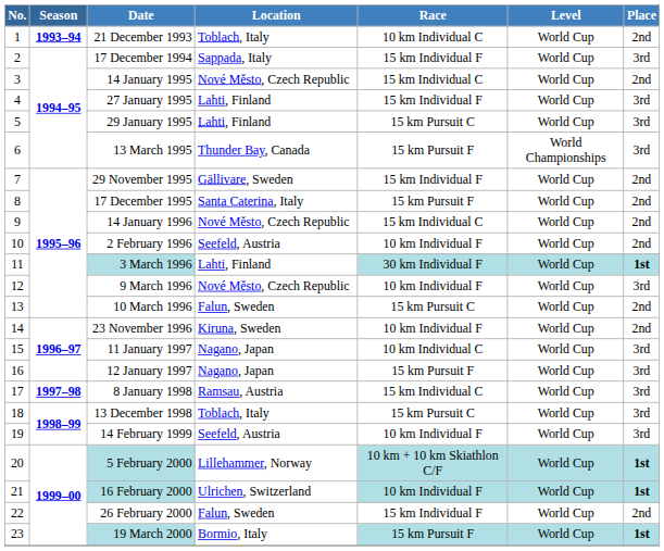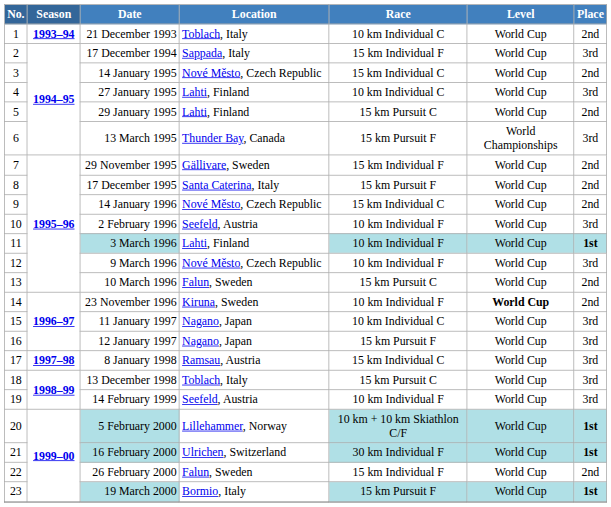 <table class="wikitable sortable" style="font-size:95%; text-align:center; border:grey solid 1px; border-collapse:collapse; background:#ffffff;">
 <tr style="background:#efefef;">
 <th style="background-color:#369; color:white;">No.</th>
 <th style="background-color:#369; color:white;">Season</th>
 <th style="background-color:#4180be; color:white; width:120px;">Date</th>
 <th style="background-color:#4180be; color:white; width:185px;">Location</th>
 <th style="background-color:#4180be; color:white; width:170px;">Race</th>
 <th style="background-color:#4180be; color:white; width:130px;">Level</th>
 <th style="background-color:#4180be; color:white;">Place</th>
 </tr>
 <tr>
 <td align=center>1</td>
 <td rowspan=1 align=center><strong> <a href='#'>1993–94</a> </strong></td>
 <td align=right>21 December 1993</td>
 <td align=left> <a href='#'>Toblach</a>, Italy</td>
 <td>10 km Individual C</td>
 <td>World Cup</td>
 <td>2nd</td>
 </tr>
 <tr>
 <td align=center>2</td>
 <td rowspan=5 align=center><strong> <a href='#'>1994–95</a> </strong></td>
 <td align=right>17 December 1994</td>
 <td align=left> <a href='#'>Sappada</a>, Italy</td>
 <td>15 km Individual F</td>
 <td>World Cup</td>
 <td>3rd</td>
 </tr>
 <tr>
 <td align=center>3</td>
 <td align=right>14 January 1995</td>
 <td align=left> <a href='#'>Nové Město</a>, Czech Republic</td>
 <td>15 km Individual C</td>
 <td>World Cup</td>
 <td>2nd</td>
 </tr>
 <tr>
 <td align=center>4</td>
 <td align=right>27 January 1995</td>
 <td align=left> <a href='#'>Lahti</a>, Finland</td>
-<td>15 km Individual F</td>
+<td>10 km Individual C</td>
 <td>World Cup</td>
 <td>3rd</td>
 </tr>
 <tr>
 <td align=center>5</td>
 <td align=right>29 January 1995</td>
 <td align=left> <a href='#'>Lahti</a>, Finland</td>
 <td>15 km Pursuit C</td>
 <td>World Cup</td>
-<td>3rd</td>
+<td>2nd</td>
 </tr>
 <tr>
 <td align=center>6</td>
 <td align=right>13 March 1995</td>
 <td align=left> <a href='#'>Thunder Bay</a>, Canada</td>
 <td>15 km Pursuit F</td>
 <td>World Championships</td>
 <td>3rd</td>
 </tr>
 <tr>
 <td align=center>7</td>
 <td rowspan=7 align=center><strong> <a href='#'>1995–96</a> </strong></td>
 <td align=right>29 November 1995</td>
 <td align=left> <a href='#'>Gällivare</a>, Sweden</td>
 <td>15 km Individual F</td>
 <td>World Cup</td>
 <td>2nd</td>
 </tr>
 <tr>
 <td align=center>8</td>
 <td align=right>17 December 1995</td>
 <td align=left> <a href='#'>Santa Caterina</a>, Italy</td>
 <td>15 km Pursuit F</td>
 <td>World Cup</td>
 <td>2nd</td>
 </tr>
 <tr>
 <td align=center>9</td>
 <td align=right>14 January 1996</td>
 <td align=left> <a href='#'>Nové Město</a>, Czech Republic</td>
 <td>15 km Individual C</td>
 <td>World Cup</td>
 <td>2nd</td>
 </tr>
 <tr>
 <td align=center>10</td>
 <td align=right>2 February 1996</td>
 <td align=left> <a href='#'>Seefeld</a>, Austria</td>
 <td>10 km Individual F</td>
 <td>World Cup</td>
-<td>2nd</td>
+<td>3rd</td>
 </tr>
 <tr>
 <td align=center>11</td>
 <td bgcolor="#BOEOE6" align=right>3 March 1996</td>
 <td align=left> <a href='#'>Lahti</a>, Finland</td>
-<td bgcolor="#BOEOE6">30 km Individual F</td>
+<td bgcolor="#BOEOE6">10 km Individual F</td>
 <td bgcolor="#BOEOE6">World Cup</td>
 <td bgcolor="#BOEOE6"><strong>1st</strong></td>
 </tr>
 <tr>
 <td align=center>12</td>
 <td align=right>9 March 1996</td>
 <td align=left> <a href='#'>Nové Město</a>, Czech Republic</td>
 <td>10 km Individual F</td>
 <td>World Cup</td>
 <td>3rd</td>
 </tr>
 <tr>
 <td align=center>13</td>
 <td align=right>10 March 1996</td>
 <td align=left> <a href='#'>Falun</a>, Sweden</td>
 <td>15 km Pursuit C</td>
 <td>World Cup</td>
 <td>2nd</td>
 </tr>
 <tr>
 <td align=center>14</td>
 <td rowspan=3 align=center><strong> <a href='#'>1996–97</a> </strong></td>
 <td align=right>23 November 1996</td>
 <td align=left> <a href='#'>Kiruna</a>, Sweden</td>
 <td>10 km Individual F</td>
-<td>World Cup</td>
+<td><strong>World Cup</strong></td>
 <td>2nd</td>
 </tr>
 <tr>
 <td align=center>15</td>
 <td align=right>11 January 1997</td>
 <td align=left> <a href='#'>Nagano</a>, Japan</td>
 <td>10 km Individual C</td>
 <td>World Cup</td>
 <td>3rd</td>
 </tr>
 <tr>
 <td align=center>16</td>
 <td align=right>12 January 1997</td>
 <td align=left> <a href='#'>Nagano</a>, Japan</td>
 <td>15 km Pursuit F</td>
 <td>World Cup</td>
 <td>3rd</td>
 </tr>
 <tr>
 <td align=center>17</td>
 <td rowspan=1 align=center><strong> <a href='#'>1997–98</a> </strong></td>
 <td align=right>8 January 1998</td>
 <td align=left> <a href='#'>Ramsau</a>, Austria</td>
 <td>15 km Individual C</td>
 <td>World Cup</td>
 <td>3rd</td>
 </tr>
 <tr>
 <td align=center>18</td>
 <td rowspan=2 align=center><strong> <a href='#'>1998–99</a> </strong></td>
 <td align=right>13 December 1998</td>
 <td align=left> <a href='#'>Toblach</a>, Italy</td>
 <td>15 km Pursuit C</td>
 <td>World Cup</td>
 <td>3rd</td>
 </tr>
 <tr>
 <td align=center>19</td>
 <td align=right>14 February 1999</td>
 <td align=left> <a href='#'>Seefeld</a>, Austria</td>
 <td>10 km Individual F</td>
 <td>World Cup</td>
 <td>3rd</td>
 </tr>
 <tr>
 <td align=center>20</td>
 <td rowspan=4 align=center><strong><a href='#'>1999–00</a></strong></td>
 <td bgcolor="#BOEOE6" align=right>5 February 2000</td>
 <td align=left> <a href='#'>Lillehammer</a>, Norway</td>
 <td bgcolor="#BOEOE6">10 km + 10 km Skiathlon C/F</td>
 <td bgcolor="#BOEOE6">World Cup</td>
 <td bgcolor="#BOEOE6"><strong>1st</strong></td>
 </tr>
 <tr>
 <td align=center>21</td>
 <td bgcolor="#BOEOE6" align=right>16 February 2000</td>
 <td align=left> <a href='#'>Ulrichen</a>, Switzerland</td>
-<td bgcolor="#BOEOE6">10 km Individual F</td>
+<td bgcolor="#BOEOE6">30 km Individual F</td>
 <td bgcolor="#BOEOE6">World Cup</td>
 <td bgcolor="#BOEOE6"><strong>1st</strong></td>
 </tr>
 <tr>
 <td align=center>22</td>
 <td align=right>26 February 2000</td>
 <td align=left> <a href='#'>Falun</a>, Sweden</td>
 <td>15 km Individual F</td>
 <td>World Cup</td>
 <td>2nd</td>
 </tr>
 <tr>
 <td align=center>23</td>
 <td bgcolor="#BOEOE6" align=right>19 March 2000</td>
 <td align=left> <a href='#'>Bormio</a>, Italy</td>
 <td bgcolor="#BOEOE6">15 km Pursuit F</td>
 <td bgcolor="#BOEOE6">World Cup</td>
 <td bgcolor="#BOEOE6"><strong>1st</strong></td>
 </tr>
 <tr>
 </tr>
 </table>
